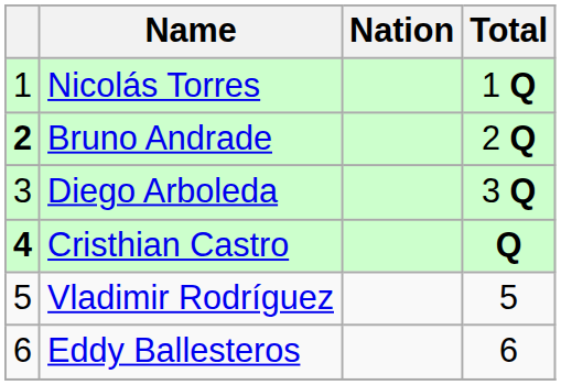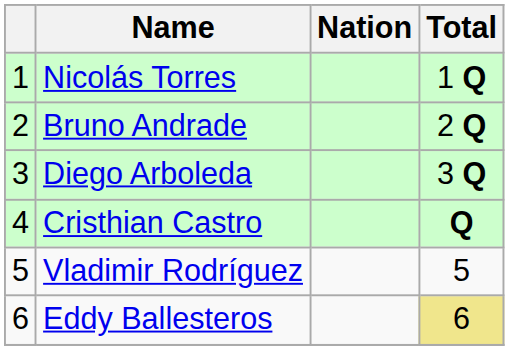 <table class="wikitable" style="text-align:center">
 <tr>
 <th></th>
 <th>Name</th>
 <th>Nation</th>
 <th>Total</th>
 </tr>
 <tr bgcolor=ccffcc>
 <td>1</td>
 <td align=left><a href='#'>Nicolás Torres</a></td>
 <td align=left></td>
 <td>1 <strong>Q</strong></td>
 </tr>
 <tr bgcolor=ccffcc>
-<td><strong>2</strong></td>
+<td>2</td>
 <td align=left><a href='#'>Bruno Andrade</a></td>
 <td align=left></td>
 <td>2 <strong>Q</strong></td>
 </tr>
 <tr bgcolor=ccffcc>
 <td>3</td>
 <td align=left><a href='#'>Diego Arboleda</a></td>
 <td align=left></td>
 <td>3 <strong>Q</strong></td>
 </tr>
 <tr bgcolor=ccffcc>
-<td><strong>4</strong></td>
+<td>4</td>
 <td align=left><a href='#'>Cristhian Castro</a></td>
 <td align=left></td>
 <td><strong>Q</strong></td>
 </tr>
 <tr>
 <td>5</td>
 <td align=left><a href='#'>Vladimir Rodríguez</a></td>
 <td align=left></td>
 <td>5</td>
 </tr>
 <tr>
 <td>6</td>
 <td align=left><a href='#'>Eddy Ballesteros</a></td>
 <td align=left></td>
-<td>6</td>
+<td style="background: khaki;">6</td>
 </tr>
 <tr>
 </tr>
 </table>
